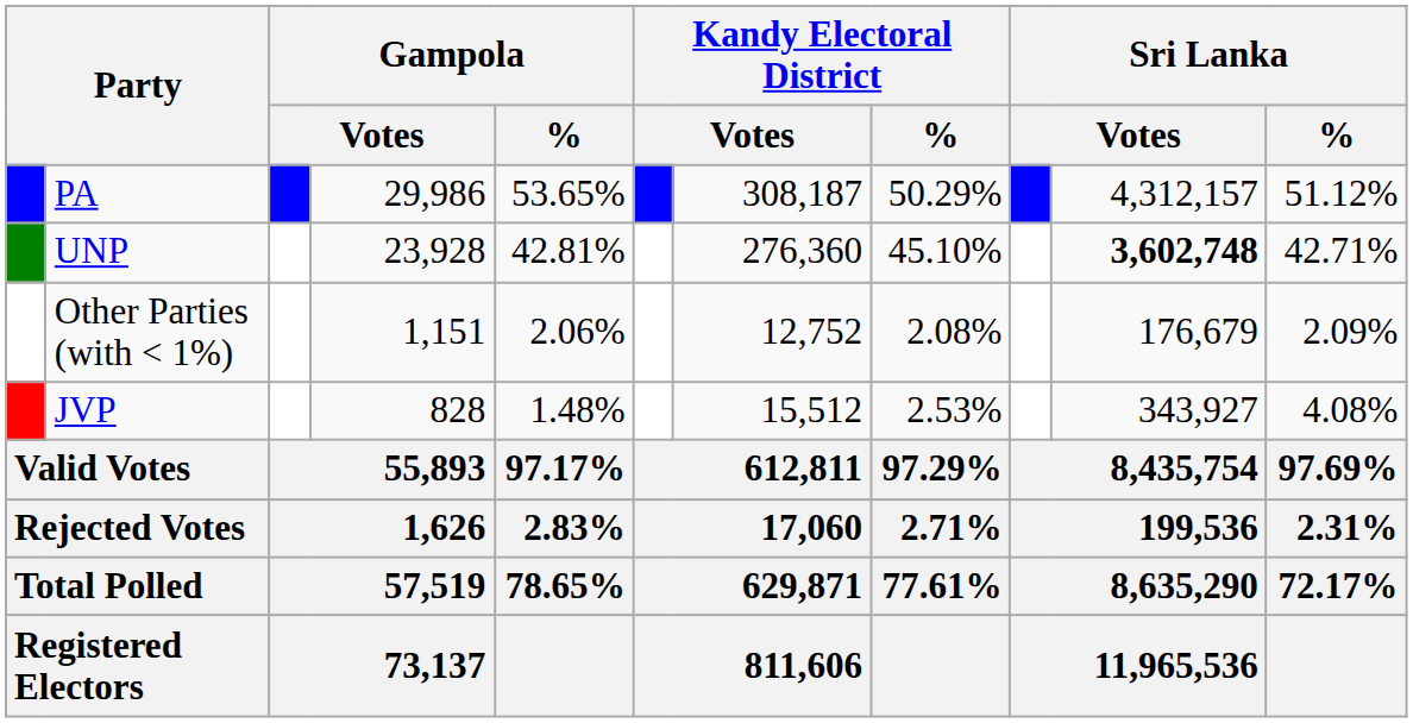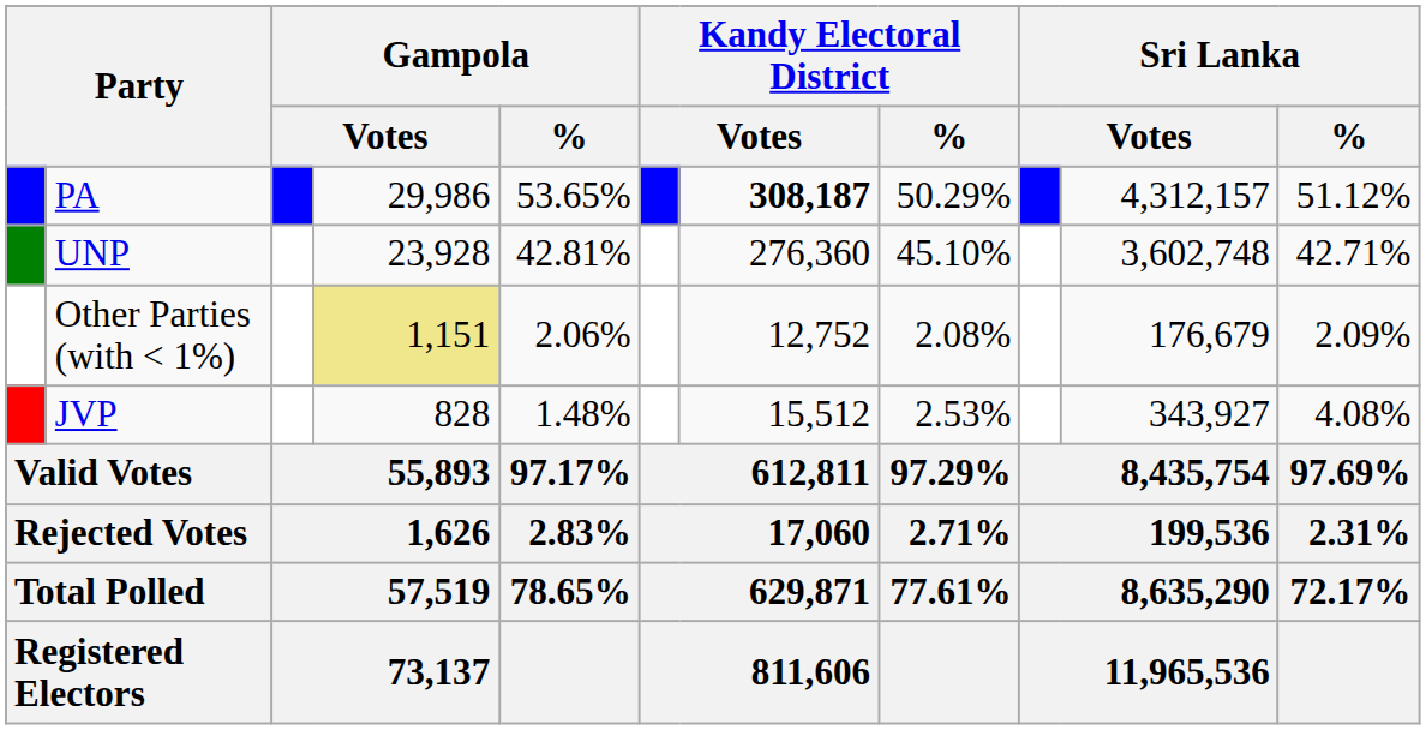 <table class="wikitable">
 <tr>
 <th colspan="2" width="144px"rowspan="2">Party</th>
 <th colspan="3" width="216px">Gampola</th>
 <th colspan="3" width="216px"><a href='#'>Kandy Electoral District</a></th>
 <th colspan="3" width="216px">Sri Lanka</th>
 </tr>
 <tr>
 <th colspan="2" width="144px">Votes</th>
 <th>%</th>
 <th colspan="2" width="144px">Votes</th>
 <th>%</th>
 <th colspan="2" width="144px">Votes</th>
 <th>%</th>
 </tr>
 <tr>
 <td style="background-color:blue;" width="10px"></td>
 <td style="text-align:left;"><a href='#'>PA</a></td>
 <td style="background-color:blue;" width="10px"></td>
 <td style="text-align:right;">29,986</td>
 <td style="text-align:right;">53.65%</td>
 <td style="background-color:blue;" width="10px"></td>
-<td style="text-align:right;">308,187</td>
+<td style="text-align:right;"><strong>308,187</strong></td>
 <td style="text-align:right;">50.29%</td>
 <td style="background-color:blue;" width="10px"></td>
 <td style="text-align:right;">4,312,157</td>
 <td style="text-align:right;">51.12%</td>
 </tr>
 <tr>
 <td style="background-color:green;" width="10px"></td>
 <td style="text-align:left;"><a href='#'>UNP</a></td>
 <td style="background-color:white;" width="10px"></td>
 <td style="text-align:right;">23,928</td>
 <td style="text-align:right;">42.81%</td>
 <td style="background-color:white;" width="10px"></td>
 <td style="text-align:right;">276,360</td>
 <td style="text-align:right;">45.10%</td>
 <td style="background-color:white;" width="10px"></td>
-<td style="text-align:right;"><strong>3,602,748</strong></td>
+<td style="text-align:right;">3,602,748</td>
 <td style="text-align:right;">42.71%</td>
 </tr>
 <tr>
 <td style="background-color:white;" width="10px"></td>
 <td style="text-align:left;">Other Parties (with < 1%)</td>
 <td style="background-color:white;" width="10px"></td>
-<td style="text-align:right;">1,151</td>
+<td style="background: khaki; text-align:right;">1,151</td>
 <td style="text-align:right;">2.06%</td>
 <td style="background-color:white;" width="10px"></td>
 <td style="text-align:right;">12,752</td>
 <td style="text-align:right;">2.08%</td>
 <td style="background-color:white;" width="10px"></td>
 <td style="text-align:right;">176,679</td>
 <td style="text-align:right;">2.09%</td>
 </tr>
 <tr>
 <td style="background-color:red;" width="10px"></td>
 <td style="text-align:left;"><a href='#'>JVP</a></td>
 <td style="background-color:white;" width="10px"></td>
 <td style="text-align:right;">828</td>
 <td style="text-align:right;">1.48%</td>
 <td style="background-color:white;" width="10px"></td>
 <td style="text-align:right;">15,512</td>
 <td style="text-align:right;">2.53%</td>
 <td style="background-color:white;" width="10px"></td>
 <td style="text-align:right;">343,927</td>
 <td style="text-align:right;">4.08%</td>
 </tr>
 <tr>
 <th colspan="2" width="144px"style="text-align:left;">Valid Votes</th>
 <th style="text-align:right;"colspan="2" width="144px">55,893</th>
 <th style="text-align:right;">97.17%</th>
 <th style="text-align:right;"colspan="2" width="144px">612,811</th>
 <th style="text-align:right;">97.29%</th>
 <th style="text-align:right;"colspan="2" width="144px">8,435,754</th>
 <th style="text-align:right;">97.69%</th>
 </tr>
 <tr>
 <th colspan="2" width="144px"style="text-align:left;">Rejected Votes</th>
 <th style="text-align:right;"colspan="2" width="144px">1,626</th>
 <th style="text-align:right;">2.83%</th>
 <th style="text-align:right;"colspan="2" width="144px">17,060</th>
 <th style="text-align:right;">2.71%</th>
 <th style="text-align:right;"colspan="2" width="144px">199,536</th>
 <th style="text-align:right;">2.31%</th>
 </tr>
 <tr>
 <th colspan="2" width="144px"style="text-align:left;">Total Polled</th>
 <th style="text-align:right;"colspan="2" width="144px">57,519</th>
 <th style="text-align:right;">78.65%</th>
 <th style="text-align:right;"colspan="2" width="144px">629,871</th>
 <th style="text-align:right;">77.61%</th>
 <th style="text-align:right;"colspan="2" width="144px">8,635,290</th>
 <th style="text-align:right;">72.17%</th>
 </tr>
 <tr>
 <th colspan="2" width="144px"style="text-align:left;">Registered Electors</th>
 <th style="text-align:right;"colspan="2" width="144px">73,137</th>
 <th></th>
 <th style="text-align:right;"colspan="2" width="144px">811,606</th>
 <th></th>
 <th style="text-align:right;"colspan="2" width="144px">11,965,536</th>
 <th></th>
 </tr>
 </table>
